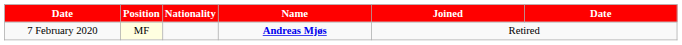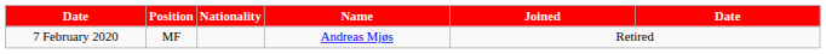 <table class="wikitable"  style="text-align:center; font-size:90%; ">
 <tr>
 <th style="background:#FF0000; color:white; width:150px;">Date</th>
 <th style="background:#FF0000; color:white; width:50px;">Position</th>
 <th style="background:#FF0000; color:white; width:50px;">Nationality</th>
 <th style="background:#FF0000; color:white; width:200px;">Name</th>
 <th style="background:#FF0000; color:white; width:200px;">Joined</th>
 <th style="background:#FF0000; color:white; width:200px;">Date</th>
 </tr>
 <tr>
 <td>7 February 2020</td>
-<td style="background: lightyellow;">MF</td>
+<td>MF</td>
 <td></td>
-<td><strong><a href='#'>Andreas Mjøs</a></strong></td>
+<td><a href='#'>Andreas Mjøs</a></td>
 <td colspan="2">Retired</td>
 </tr>
 </table>
